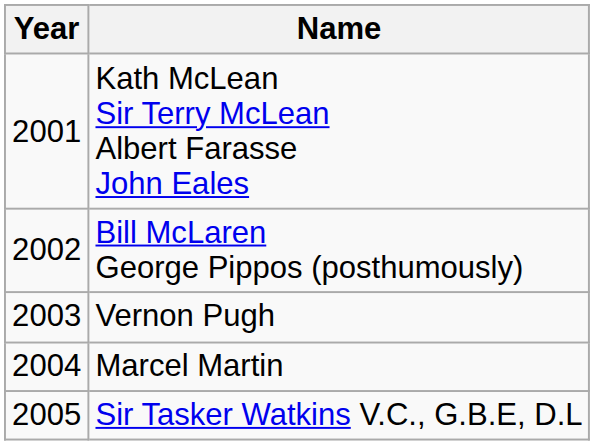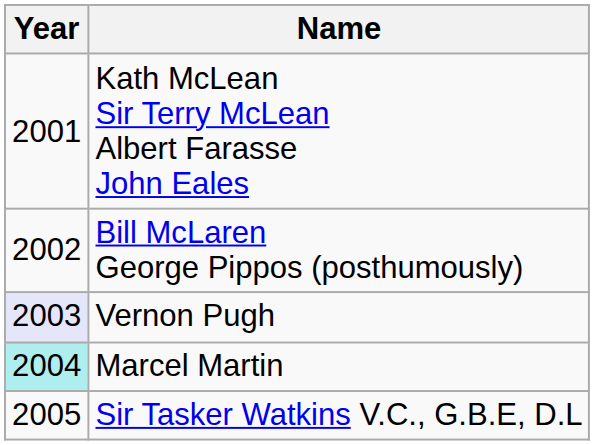 <table class="wikitable">
 <tr>
 <th>Year</th>
 <th>Name</th>
 </tr>
 <tr>
 <td>2001</td>
 <td align=left> Kath McLean<br> <a href='#'>Sir Terry McLean</a><br>Albert Farasse<br> <a href='#'>John Eales</a></td>
 </tr>
 <tr>
 <td>2002</td>
 <td align=left> <a href='#'>Bill McLaren</a><br>George Pippos (posthumously)</td>
 </tr>
 <tr>
-<td>2003</td>
+<td style="background: lavender;">2003</td>
 <td align=left> Vernon Pugh</td>
 </tr>
 <tr>
-<td>2004</td>
+<td style="background: paleturquoise;">2004</td>
 <td align=left> Marcel Martin</td>
 </tr>
 <tr>
 <td>2005</td>
 <td align=left> <a href='#'>Sir Tasker Watkins</a> V.C., G.B.E, D.L</td>
 </tr>
 </table>
